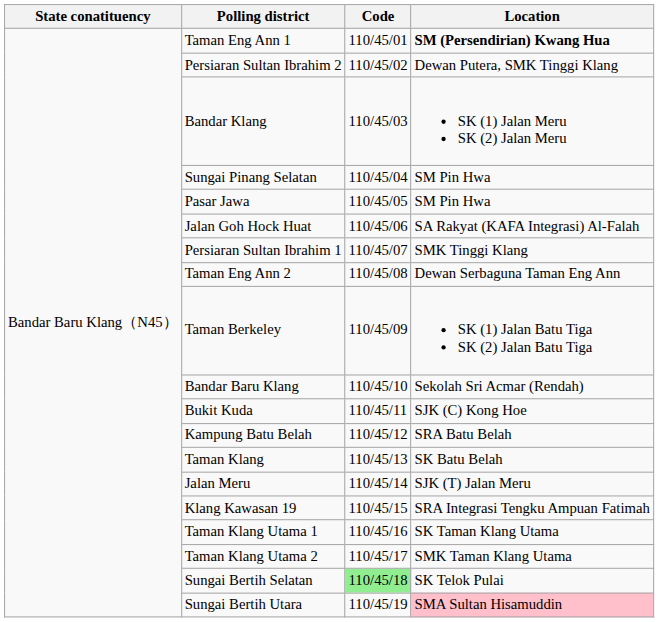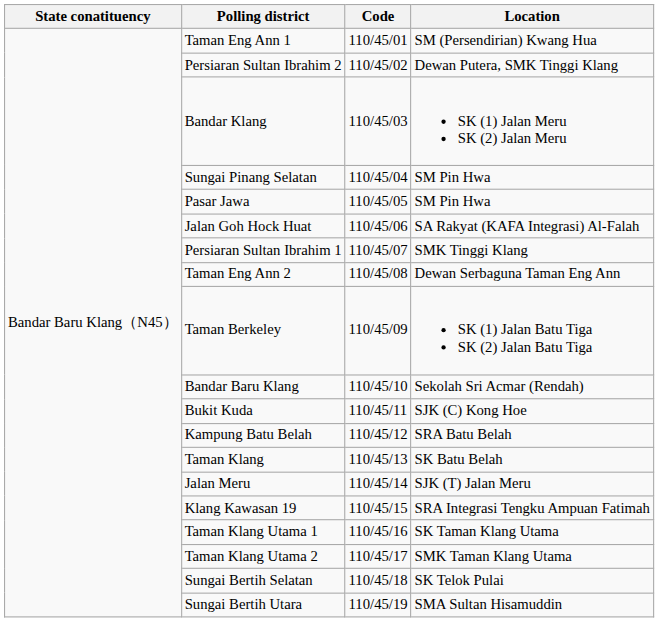 <table class="wikitable sortable mw-collapsible" style="white-space:nowrap;font-size:85%">
 <tr>
 <th>State conatituency</th>
 <th>Polling district</th>
 <th>Code</th>
 <th>Location</th>
 </tr>
 <tr>
 <td rowspan="19">Bandar Baru Klang（N45）</td>
 <td>Taman Eng Ann 1</td>
 <td>110/45/01</td>
-<td><strong>SM (Persendirian) Kwang Hua</strong></td>
+<td>SM (Persendirian) Kwang Hua</td>
 </tr>
 <tr>
 <td>Persiaran Sultan Ibrahim 2</td>
 <td>110/45/02</td>
 <td>Dewan Putera, SMK Tinggi Klang</td>
 </tr>
 <tr>
 <td>Bandar Klang</td>
 <td>110/45/03</td>
 <td><br><ul><li>SK (1) Jalan Meru</li><li>SK (2) Jalan Meru</li></ul></td>
 </tr>
 <tr>
 <td>Sungai Pinang Selatan</td>
 <td>110/45/04</td>
 <td>SM Pin Hwa</td>
 </tr>
 <tr>
 <td>Pasar Jawa</td>
 <td>110/45/05</td>
 <td>SM Pin Hwa</td>
 </tr>
 <tr>
 <td>Jalan Goh Hock Huat</td>
 <td>110/45/06</td>
 <td>SA Rakyat (KAFA Integrasi) Al-Falah</td>
 </tr>
 <tr>
 <td>Persiaran Sultan Ibrahim 1</td>
 <td>110/45/07</td>
 <td>SMK Tinggi Klang</td>
 </tr>
 <tr>
 <td>Taman Eng Ann 2</td>
 <td>110/45/08</td>
 <td>Dewan Serbaguna Taman Eng Ann</td>
 </tr>
 <tr>
 <td>Taman Berkeley</td>
 <td>110/45/09</td>
 <td><br><ul><li>SK (1) Jalan Batu Tiga</li><li>SK (2) Jalan Batu Tiga</li></ul></td>
 </tr>
 <tr>
 <td>Bandar Baru Klang</td>
 <td>110/45/10</td>
 <td>Sekolah Sri Acmar (Rendah)</td>
 </tr>
 <tr>
 <td>Bukit Kuda</td>
 <td>110/45/11</td>
 <td>SJK (C) Kong Hoe</td>
 </tr>
 <tr>
 <td>Kampung Batu Belah</td>
 <td>110/45/12</td>
 <td>SRA Batu Belah</td>
 </tr>
 <tr>
 <td>Taman Klang</td>
 <td>110/45/13</td>
 <td>SK Batu Belah</td>
 </tr>
 <tr>
 <td>Jalan Meru</td>
 <td>110/45/14</td>
 <td>SJK (T) Jalan Meru</td>
 </tr>
 <tr>
 <td>Klang Kawasan 19</td>
 <td>110/45/15</td>
 <td>SRA Integrasi Tengku Ampuan Fatimah</td>
 </tr>
 <tr>
 <td>Taman Klang Utama 1</td>
 <td>110/45/16</td>
 <td>SK Taman Klang Utama</td>
 </tr>
 <tr>
 <td>Taman Klang Utama 2</td>
 <td>110/45/17</td>
 <td>SMK Taman Klang Utama</td>
 </tr>
 <tr>
 <td>Sungai Bertih Selatan</td>
-<td style="background: lightgreen;">110/45/18</td>
+<td>110/45/18</td>
 <td>SK Telok Pulai</td>
 </tr>
 <tr>
 <td>Sungai Bertih Utara</td>
 <td>110/45/19</td>
-<td style="background: pink;">SMA Sultan Hisamuddin</td>
+<td>SMA Sultan Hisamuddin</td>
 </tr>
 </table>
